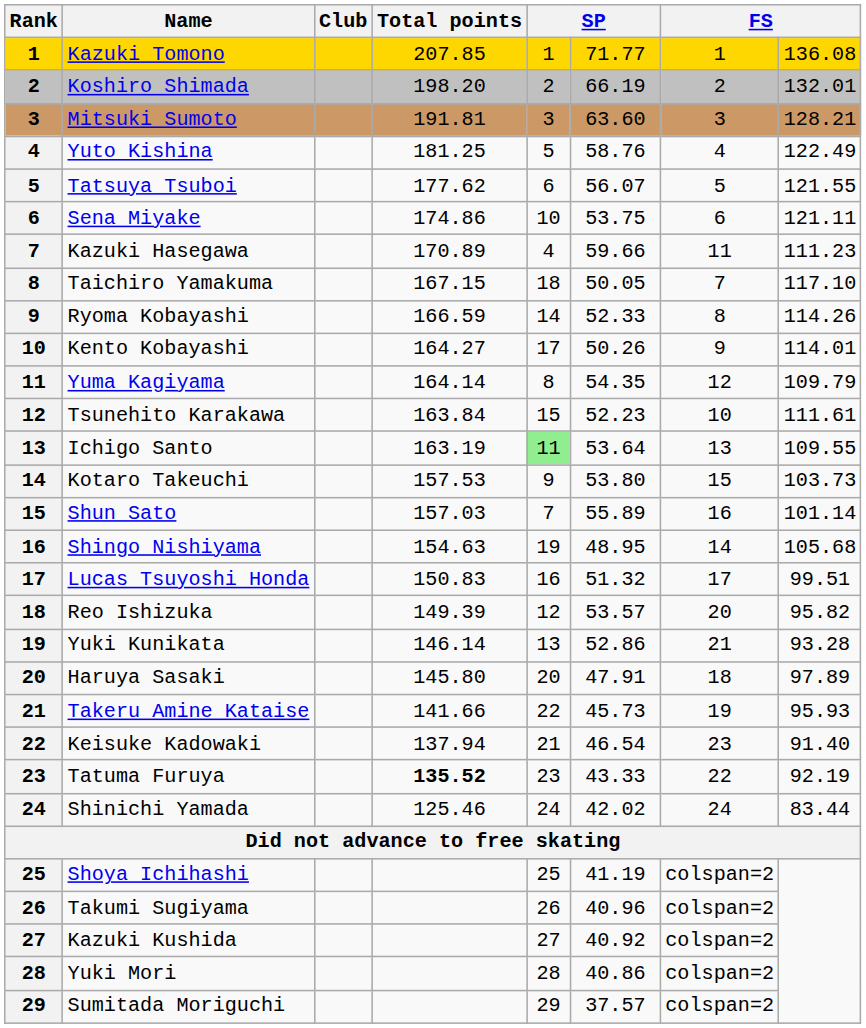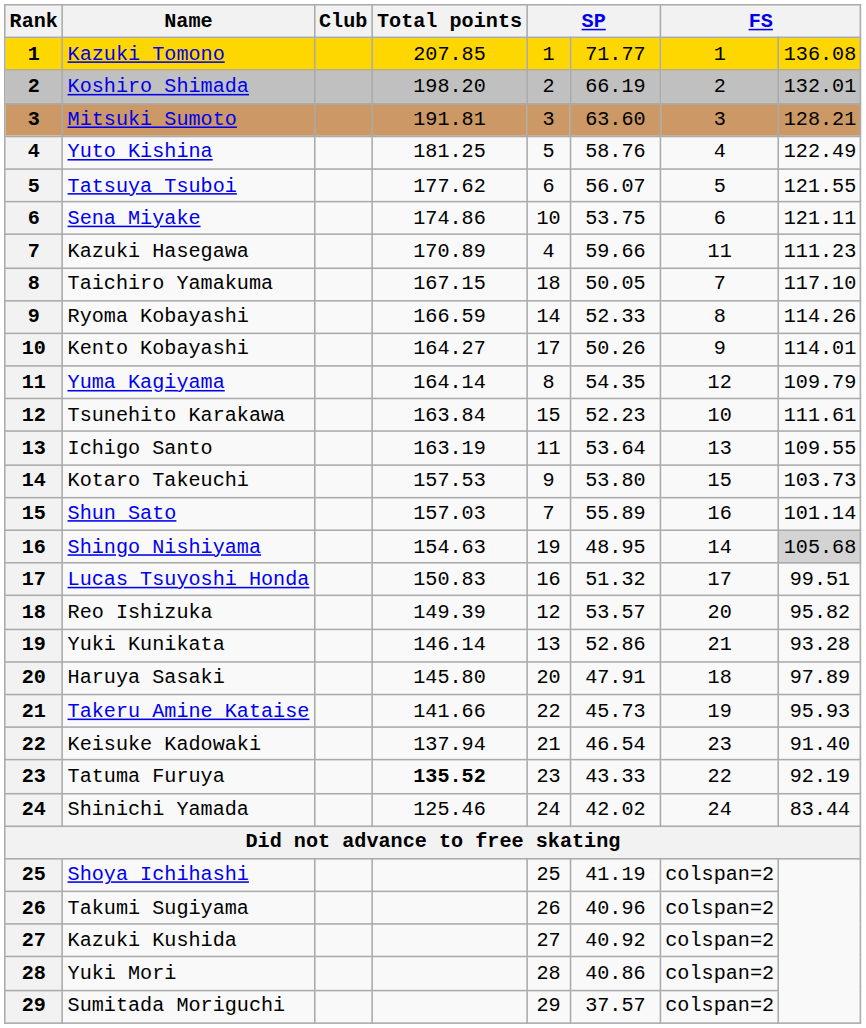 <table class="wikitable sortable">
 <tr>
 <th>Rank</th>
 <th>Name</th>
 <th>Club</th>
 <th>Total points</th>
 <th colspan="2" width="80px"><a href='#'>SP</a></th>
 <th colspan="2" width="80px"><a href='#'>FS</a></th>
 </tr>
 <tr bgcolor="gold">
 <td align="center"><strong>1</strong></td>
 <td><a href='#'>Kazuki Tomono</a></td>
 <td></td>
 <td align="center">207.85</td>
 <td align="center">1</td>
 <td align="center">71.77</td>
 <td align="center">1</td>
 <td align="center">136.08</td>
 </tr>
 <tr bgcolor="silver">
 <td align="center"><strong>2</strong></td>
 <td><a href='#'>Koshiro Shimada</a></td>
 <td></td>
 <td align="center">198.20</td>
 <td align="center">2</td>
 <td align="center">66.19</td>
 <td align="center">2</td>
 <td align="center">132.01</td>
 </tr>
 <tr bgcolor="cc9966">
 <td align="center"><strong>3</strong></td>
 <td><a href='#'>Mitsuki Sumoto</a></td>
 <td></td>
 <td align="center">191.81</td>
 <td align="center">3</td>
 <td align="center">63.60</td>
 <td align="center">3</td>
 <td align="center">128.21</td>
 </tr>
 <tr>
 <th>4</th>
 <td><a href='#'>Yuto Kishina</a></td>
 <td></td>
 <td align="center">181.25</td>
 <td align="center">5</td>
 <td align="center">58.76</td>
 <td align="center">4</td>
 <td align="center">122.49</td>
 </tr>
 <tr>
 <th>5</th>
 <td><a href='#'>Tatsuya Tsuboi</a></td>
 <td></td>
 <td align="center">177.62</td>
 <td align="center">6</td>
 <td align="center">56.07</td>
 <td align="center">5</td>
 <td align="center">121.55</td>
 </tr>
 <tr>
 <th>6</th>
 <td><a href='#'>Sena Miyake</a></td>
 <td></td>
 <td align="center">174.86</td>
 <td align="center">10</td>
 <td align="center">53.75</td>
 <td align="center">6</td>
 <td align="center">121.11</td>
 </tr>
 <tr>
 <th>7</th>
 <td>Kazuki Hasegawa</td>
 <td></td>
 <td align="center">170.89</td>
 <td align="center">4</td>
 <td align="center">59.66</td>
 <td align="center">11</td>
 <td align="center">111.23</td>
 </tr>
 <tr>
 <th>8</th>
 <td>Taichiro Yamakuma</td>
 <td></td>
 <td align="center">167.15</td>
 <td align="center">18</td>
 <td align="center">50.05</td>
 <td align="center">7</td>
 <td align="center">117.10</td>
 </tr>
 <tr>
 <th>9</th>
 <td>Ryoma Kobayashi</td>
 <td></td>
 <td align="center">166.59</td>
 <td align="center">14</td>
 <td align="center">52.33</td>
 <td align="center">8</td>
 <td align="center">114.26</td>
 </tr>
 <tr>
 <th>10</th>
 <td>Kento Kobayashi</td>
 <td></td>
 <td align="center">164.27</td>
 <td align="center">17</td>
 <td align="center">50.26</td>
 <td align="center">9</td>
 <td align="center">114.01</td>
 </tr>
 <tr>
 <th>11</th>
 <td><a href='#'>Yuma Kagiyama</a></td>
 <td></td>
 <td align="center">164.14</td>
 <td align="center">8</td>
 <td align="center">54.35</td>
 <td align="center">12</td>
 <td align="center">109.79</td>
 </tr>
 <tr>
 <th>12</th>
 <td>Tsunehito Karakawa</td>
 <td></td>
 <td align="center">163.84</td>
 <td align="center">15</td>
 <td align="center">52.23</td>
 <td align="center">10</td>
 <td align="center">111.61</td>
 </tr>
 <tr>
 <th>13</th>
 <td>Ichigo Santo</td>
 <td></td>
 <td align="center">163.19</td>
-<td align="center" style="background: lightgreen;">11</td>
+<td align="center">11</td>
 <td align="center">53.64</td>
 <td align="center">13</td>
 <td align="center">109.55</td>
 </tr>
 <tr>
 <th>14</th>
 <td>Kotaro Takeuchi</td>
 <td></td>
 <td align="center">157.53</td>
 <td align="center">9</td>
 <td align="center">53.80</td>
 <td align="center">15</td>
 <td align="center">103.73</td>
 </tr>
 <tr>
 <th>15</th>
 <td><a href='#'>Shun Sato</a></td>
 <td></td>
 <td align="center">157.03</td>
 <td align="center">7</td>
 <td align="center">55.89</td>
 <td align="center">16</td>
 <td align="center">101.14</td>
 </tr>
 <tr>
 <th>16</th>
 <td><a href='#'>Shingo Nishiyama</a></td>
 <td></td>
 <td align="center">154.63</td>
 <td align="center">19</td>
 <td align="center">48.95</td>
 <td align="center">14</td>
-<td align="center">105.68</td>
+<td align="center" style="background: lightgrey;">105.68</td>
 </tr>
 <tr>
 <th>17</th>
 <td><a href='#'>Lucas Tsuyoshi Honda</a></td>
 <td></td>
 <td align="center">150.83</td>
 <td align="center">16</td>
 <td align="center">51.32</td>
 <td align="center">17</td>
 <td align="center">99.51</td>
 </tr>
 <tr>
 <th>18</th>
 <td>Reo Ishizuka</td>
 <td></td>
 <td align="center">149.39</td>
 <td align="center">12</td>
 <td align="center">53.57</td>
 <td align="center">20</td>
 <td align="center">95.82</td>
 </tr>
 <tr>
 <th>19</th>
 <td>Yuki Kunikata</td>
 <td></td>
 <td align="center">146.14</td>
 <td align="center">13</td>
 <td align="center">52.86</td>
 <td align="center">21</td>
 <td align="center">93.28</td>
 </tr>
 <tr>
 <th>20</th>
 <td>Haruya Sasaki</td>
 <td></td>
 <td align="center">145.80</td>
 <td align="center">20</td>
 <td align="center">47.91</td>
 <td align="center">18</td>
 <td align="center">97.89</td>
 </tr>
 <tr>
 <th>21</th>
 <td><a href='#'>Takeru Amine Kataise</a></td>
 <td></td>
 <td align="center">141.66</td>
 <td align="center">22</td>
 <td align="center">45.73</td>
 <td align="center">19</td>
 <td align="center">95.93</td>
 </tr>
 <tr>
 <th>22</th>
 <td>Keisuke Kadowaki</td>
 <td></td>
 <td align="center">137.94</td>
 <td align="center">21</td>
 <td align="center">46.54</td>
 <td align="center">23</td>
 <td align="center">91.40</td>
 </tr>
 <tr>
 <th>23</th>
 <td>Tatuma Furuya</td>
 <td></td>
 <td align="center"><strong>135.52</strong></td>
 <td align="center">23</td>
 <td align="center">43.33</td>
 <td align="center">22</td>
 <td align="center">92.19</td>
 </tr>
 <tr>
 <th>24</th>
 <td>Shinichi Yamada</td>
 <td></td>
 <td align="center">125.46</td>
 <td align="center">24</td>
 <td align="center">42.02</td>
 <td align="center">24</td>
 <td align="center">83.44</td>
 </tr>
 <tr>
 <th colspan=8>Did not advance to free skating</th>
 </tr>
 <tr>
 <th>25</th>
 <td><a href='#'>Shoya Ichihashi</a></td>
 <td></td>
 <td></td>
 <td align="center">25</td>
 <td align="center">41.19</td>
 <td>colspan=2 </td>
 </tr>
 <tr>
 <th>26</th>
 <td>Takumi Sugiyama</td>
 <td></td>
 <td></td>
 <td align="center">26</td>
 <td align="center">40.96</td>
 <td>colspan=2 </td>
 </tr>
 <tr>
 <th>27</th>
 <td>Kazuki Kushida</td>
 <td></td>
 <td></td>
 <td align="center">27</td>
 <td align="center">40.92</td>
 <td>colspan=2 </td>
 </tr>
 <tr>
 <th>28</th>
 <td>Yuki Mori</td>
 <td></td>
 <td></td>
 <td align="center">28</td>
 <td align="center">40.86</td>
 <td>colspan=2 </td>
 </tr>
 <tr>
 <th>29</th>
 <td>Sumitada Moriguchi</td>
 <td></td>
 <td></td>
 <td align="center">29</td>
 <td align="center">37.57</td>
 <td>colspan=2 </td>
 </tr>
 </table>
